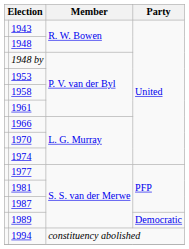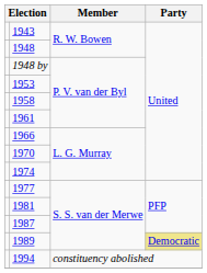 <table class="wikitable">
 <tr>
 <th colspan="2">Election</th>
 <th>Member</th>
 <th>Party</th>
 </tr>
 <tr>
 <td style="background-color: "></td>
 <td><a href='#'>1943</a></td>
 <td rowspan="2"><a href='#'>R. W. Bowen</a></td>
 <td rowspan="9"><a href='#'>United</a></td>
 </tr>
 <tr>
 <td style="background-color: "></td>
 <td><a href='#'>1948</a></td>
 </tr>
 <tr>
 <td style="background-color: "></td>
 <td><em>1948 by</em></td>
 <td rowspan="4"><a href='#'>P. V. van der Byl</a></td>
 </tr>
 <tr>
 <td style="background-color: "></td>
 <td><a href='#'>1953</a></td>
 </tr>
 <tr>
 <td style="background-color: "></td>
 <td><a href='#'>1958</a></td>
 </tr>
 <tr>
 <td style="background-color: "></td>
 <td><a href='#'>1961</a></td>
 </tr>
 <tr>
 <td style="background-color: "></td>
 <td><a href='#'>1966</a></td>
 <td rowspan="3"><a href='#'>L. G. Murray</a></td>
 </tr>
 <tr>
 <td style="background-color: "></td>
 <td><a href='#'>1970</a></td>
 </tr>
 <tr>
 <td style="background-color: "></td>
 <td><a href='#'>1974</a></td>
 </tr>
 <tr>
 <td style="background-color: "></td>
 <td><a href='#'>1977</a></td>
 <td rowspan="4"><a href='#'>S. S. van der Merwe</a></td>
 <td rowspan="3"><a href='#'>PFP</a></td>
 </tr>
 <tr>
 <td style="background-color: "></td>
 <td><a href='#'>1981</a></td>
 </tr>
 <tr>
 <td style="background-color: "></td>
 <td><a href='#'>1987</a></td>
 </tr>
 <tr>
 <td style="background-color: "></td>
 <td><a href='#'>1989</a></td>
-<td><a href='#'>Democratic</a></td>
+<td style="background: khaki;"><a href='#'>Democratic</a></td>
 </tr>
 <tr>
 <td style="background-color: "></td>
 <td><a href='#'>1994</a></td>
 <td colspan="2"><em>constituency abolished</em></td>
 </tr>
 <tr>
 </tr>
 </table>
